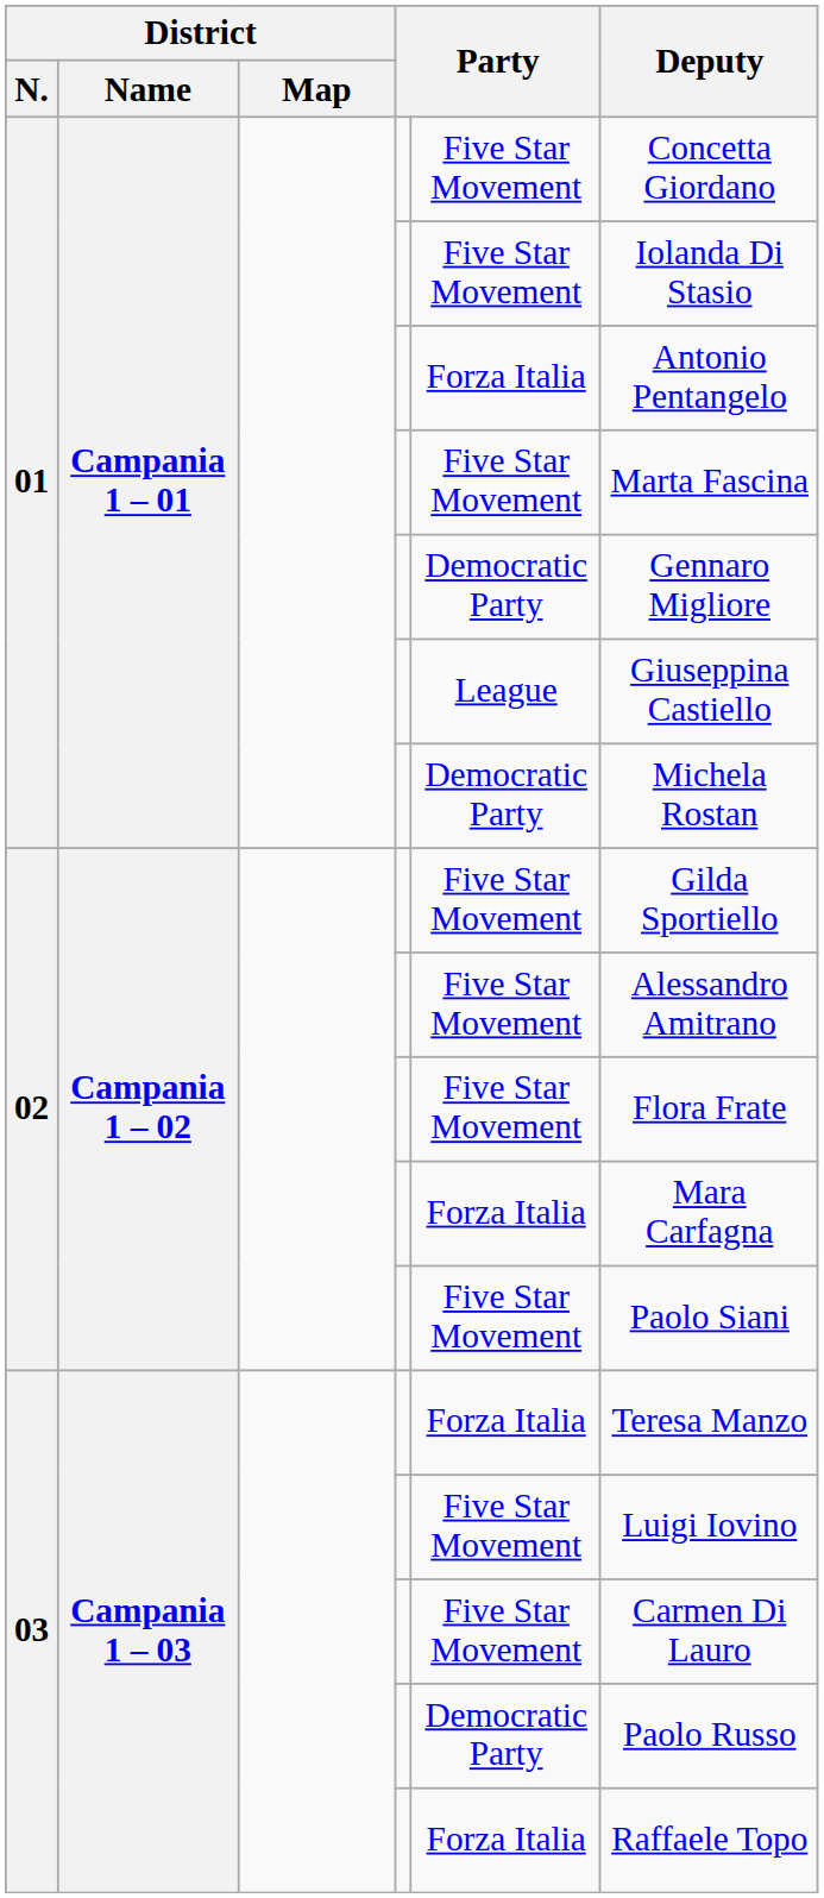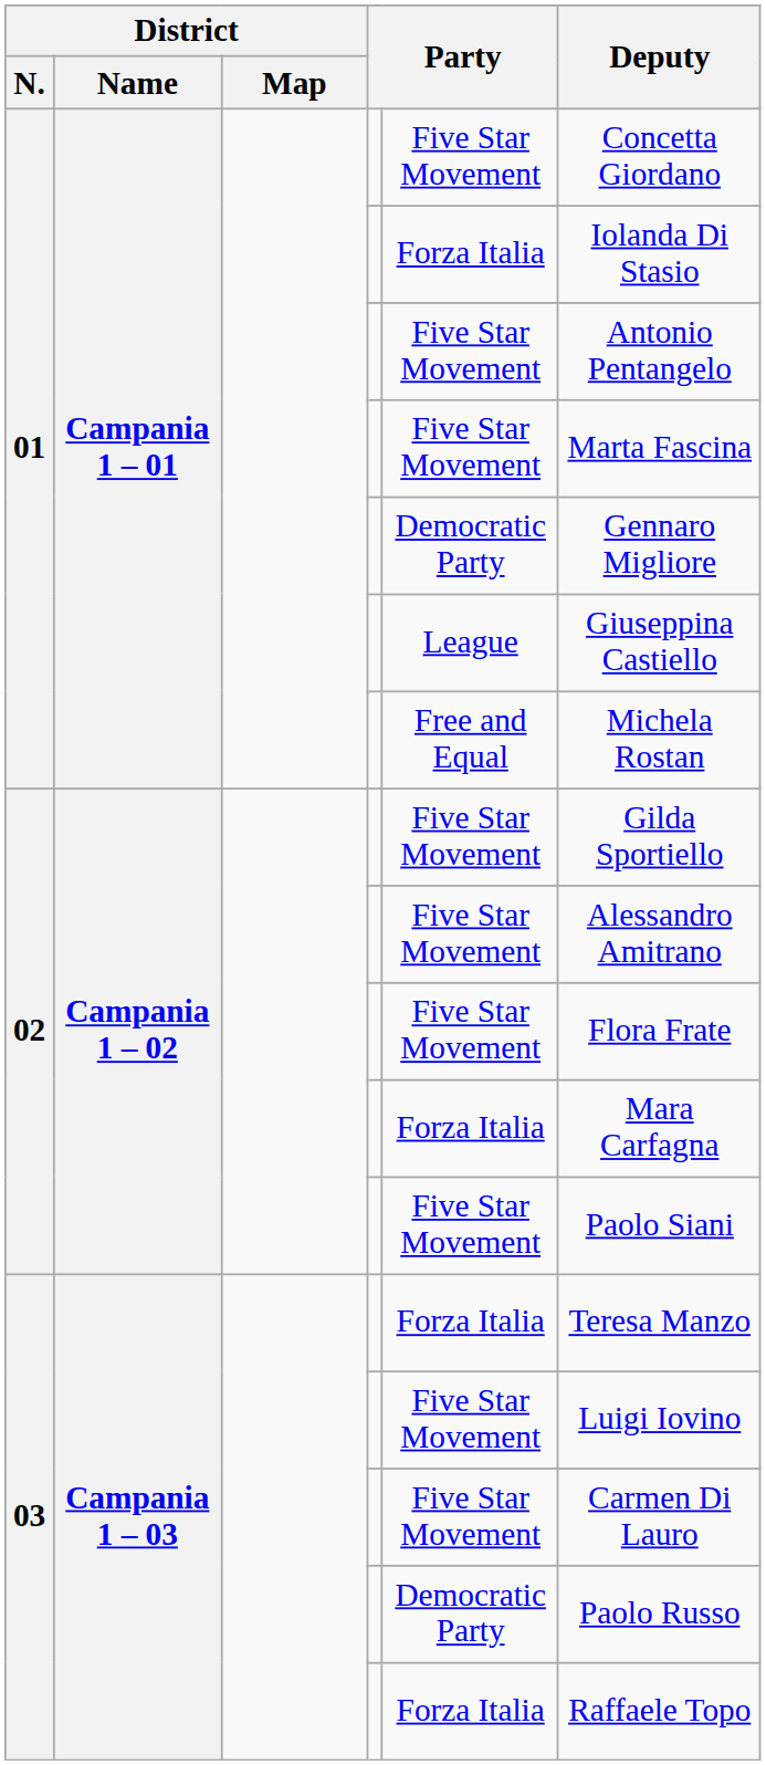 <table class="wikitable" style="text-align:center; style="width=60%">
 <tr>
 <th width=35% colspan="3">District</th>
 <th width=20% colspan="2" rowspan="2">Party</th>
 <th width=25% rowspan="2">Deputy</th>
 </tr>
 <tr>
 <th width=1%>N.</th>
 <th width=18%>Name</th>
 <th width=18%>Map</th>
 </tr>
 <tr style="height:3em;">
 <th rowspan="7">01</th>
 <th rowspan="7"><a href='#'>Campania 1 – 01</a></th>
 <td rowspan="7"></td>
 <td style="background:"></td>
 <td><a href='#'>Five Star Movement</a></td>
 <td><a href='#'>Concetta Giordano</a></td>
 </tr>
 <tr style="height:3em;">
 <td style="background:"></td>
-<td><a href='#'>Five Star Movement</a></td>
+<td><a href='#'>Forza Italia</a></td>
 <td><a href='#'>Iolanda Di Stasio</a></td>
 </tr>
 <tr style="height:3em;">
 <td style="background:"></td>
-<td><a href='#'>Forza Italia</a></td>
+<td><a href='#'>Five Star Movement</a></td>
 <td><a href='#'>Antonio Pentangelo</a></td>
 </tr>
 <tr style="height:3em;">
 <td style="background:"></td>
 <td><a href='#'>Five Star Movement</a></td>
 <td><a href='#'>Marta Fascina</a></td>
 </tr>
 <tr style="height:3em;">
 <td style="background:"></td>
 <td><a href='#'>Democratic Party</a></td>
 <td><a href='#'>Gennaro Migliore</a></td>
 </tr>
 <tr style="height:3em;">
 <td style="background:"></td>
 <td><a href='#'>League</a></td>
 <td><a href='#'>Giuseppina Castiello</a></td>
 </tr>
 <tr style="height:3em;">
 <td style="background:"></td>
-<td><a href='#'>Democratic Party</a></td>
+<td><a href='#'>Free and Equal</a></td>
 <td><a href='#'>Michela Rostan</a></td>
 </tr>
 <tr style="height:3em;">
 <th rowspan="5">02</th>
 <th rowspan="5"><a href='#'>Campania 1 – 02</a></th>
 <td rowspan="5"></td>
 <td style="background:"></td>
 <td><a href='#'>Five Star Movement</a></td>
 <td><a href='#'>Gilda Sportiello</a></td>
 </tr>
 <tr style="height:3em;">
 <td style="background:"></td>
 <td><a href='#'>Five Star Movement</a></td>
 <td><a href='#'>Alessandro Amitrano</a></td>
 </tr>
 <tr style="height:3em;">
 <td style="background:"></td>
 <td><a href='#'>Five Star Movement</a></td>
 <td><a href='#'>Flora Frate</a></td>
 </tr>
 <tr style="height:3em;">
 <td style="background:"></td>
 <td><a href='#'>Forza Italia</a></td>
 <td><a href='#'>Mara Carfagna</a></td>
 </tr>
 <tr style="height:3em;">
 <td style="background:"></td>
 <td><a href='#'>Five Star Movement</a></td>
 <td><a href='#'>Paolo Siani</a></td>
 </tr>
 <tr style="height:3em;">
 <th rowspan="7">03</th>
 <th rowspan="7"><a href='#'>Campania 1 – 03</a></th>
 <td rowspan="7"></td>
 <td style="background:"></td>
 <td><a href='#'>Forza Italia</a></td>
 <td><a href='#'>Teresa Manzo</a></td>
 </tr>
 <tr style="height:3em;">
 <td style="background:"></td>
 <td><a href='#'>Five Star Movement</a></td>
 <td><a href='#'>Luigi Iovino</a></td>
 </tr>
 <tr style="height:3em;">
 <td style="background:"></td>
 <td><a href='#'>Five Star Movement</a></td>
 <td><a href='#'>Carmen Di Lauro</a></td>
 </tr>
 <tr style="height:3em;">
 <td style="background:"></td>
 <td><a href='#'>Democratic Party</a></td>
 <td><a href='#'>Paolo Russo</a></td>
 </tr>
 <tr style="height:3em;">
 <td style="background:"></td>
 <td><a href='#'>Forza Italia</a></td>
 <td><a href='#'>Raffaele Topo</a></td>
 </tr>
 </table>
